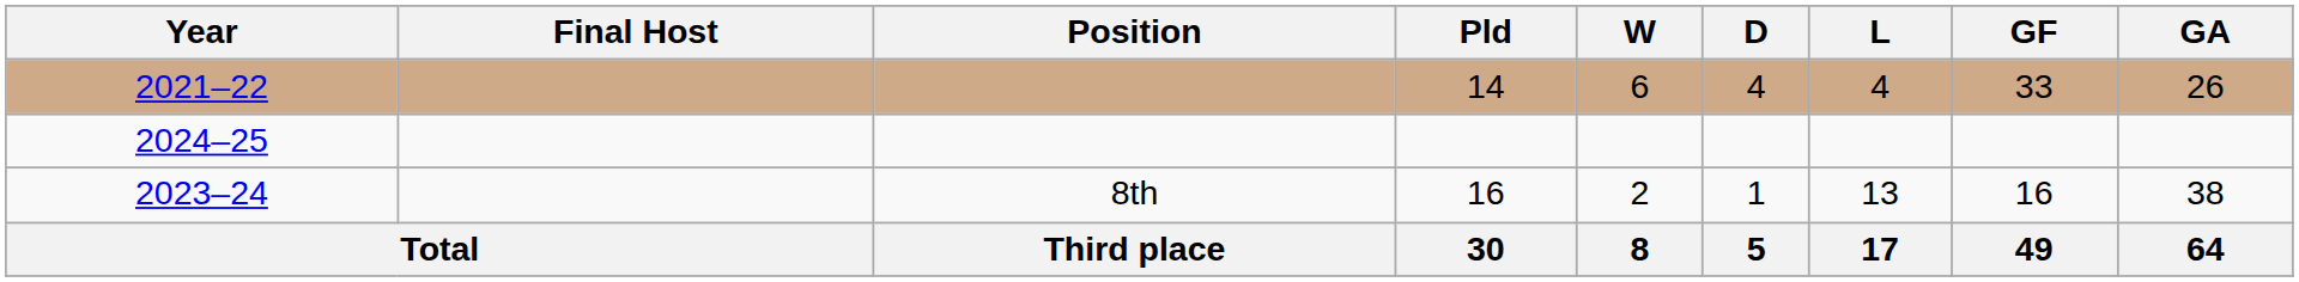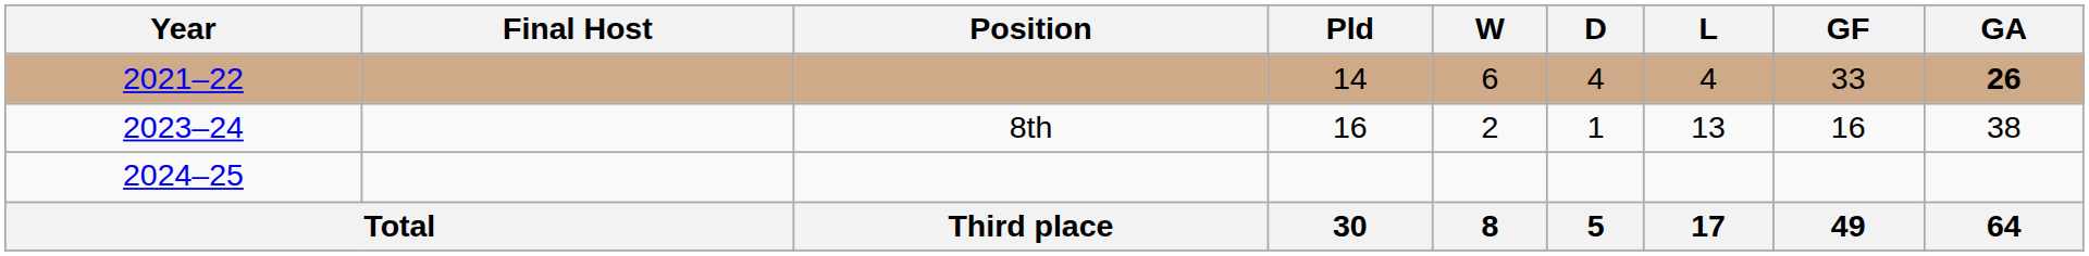 <table class="wikitable" style="text-align: center; width:85%">
 <tr>
 <th>Year</th>
 <th>Final Host</th>
 <th>Position</th>
 <th>Pld</th>
 <th>W</th>
 <th>D</th>
 <th>L</th>
 <th>GF</th>
 <th>GA</th>
 </tr>
 <tr bgcolor=#CFAA88>
 <td><a href='#'>2021–22</a></td>
 <td></td>
 <td></td>
 <td>14</td>
 <td>6</td>
 <td>4</td>
 <td>4</td>
 <td>33</td>
-<td>26</td>
+<td><strong>26</strong></td>
+</tr>
+<tr>
+<td><a href='#'>2023–24</a></td>
+<td></td>
+<td>8th</td>
+<td>16</td>
+<td>2</td>
+<td>1</td>
+<td>13</td>
+<td>16</td>
+<td>38</td>
 </tr>
 <tr>
 <td><a href='#'>2024–25</a></td>
 <td></td>
 <td></td>
 <td></td>
 <td></td>
 <td></td>
 <td></td>
 <td></td>
 <td></td>
 </tr>
 <tr>
-<td><a href='#'>2023–24</a></td>
-<td></td>
-<td>8th</td>
-<td>16</td>
-<td>2</td>
-<td>1</td>
-<td>13</td>
-<td>16</td>
-<td>38</td>
-</tr>
-<tr>
 <th colspan=2>Total</th>
 <th>Third place</th>
 <th>30</th>
 <th>8</th>
 <th>5</th>
 <th>17</th>
 <th>49</th>
 <th>64</th>
 </tr>
 </table>
